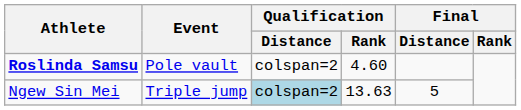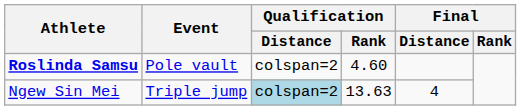 <table class="wikitable" style="font-size:90%">
 <tr>
 <th rowspan="2">Athlete</th>
 <th rowspan="2">Event</th>
 <th colspan="2">Qualification</th>
 <th colspan="2">Final</th>
 </tr>
 <tr style="font-size:95%">
 <th>Distance</th>
 <th>Rank</th>
 <th>Distance</th>
 <th>Rank</th>
 </tr>
 <tr align=center>
 <td align=left><strong><a href='#'>Roslinda Samsu</a></strong></td>
 <td align=left><a href='#'>Pole vault</a></td>
 <td>colspan=2 </td>
 <td>4.60</td>
 <td></td>
 </tr>
 <tr align=center>
 <td align=left><a href='#'>Ngew Sin Mei</a></td>
 <td align=left><a href='#'>Triple jump</a></td>
 <td style="background: lightblue;">colspan=2 </td>
 <td>13.63</td>
-<td>5</td>
+<td>4</td>
 </tr>
 </table>
